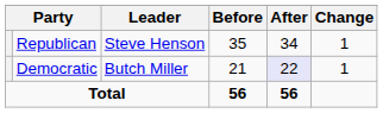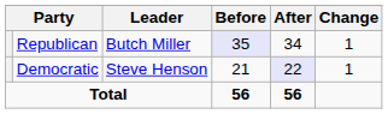 <table class="wikitable" style="text-align:center;">
 <tr>
 </tr>
 <tr>
 <th colspan=2>Party</th>
 <th>Leader</th>
 <th>Before</th>
 <th>After</th>
 <th>Change</th>
 </tr>
 <tr>
 <th style="background-color:"></th>
 <td style="text-align:left;"><a href='#'>Republican</a></td>
-<td style="text-align:left;"><a href='#'>Steve Henson</a></td>
-<td>35</td>
+<td style="text-align:left;"><a href='#'>Butch Miller</a></td>
+<td style="background: lavender;">35</td>
 <td>34</td>
 <td> 1</td>
 </tr>
 <tr>
 <th style="background-color:"></th>
 <td style="text-align:left;"><a href='#'>Democratic</a></td>
-<td style="text-align:left;"><a href='#'>Butch Miller</a></td>
+<td style="text-align:left;"><a href='#'>Steve Henson</a></td>
 <td>21</td>
 <td style="background: lavender;">22</td>
 <td> 1</td>
 </tr>
 <tr>
 <td colspan=3><strong>Total</strong></td>
 <td><strong>56</strong></td>
 <td><strong>56</strong></td>
 <td></td>
 </tr>
 </table>
